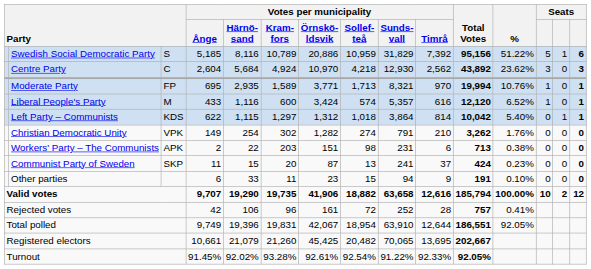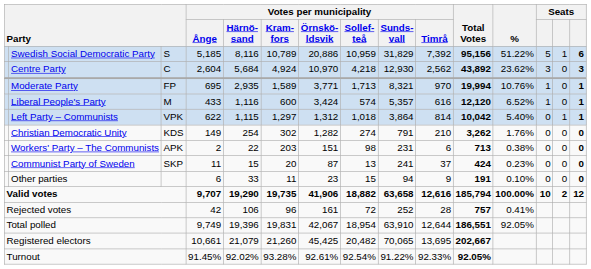 <table class="wikitable" border="1" style="text-align:right;">
 <tr>
 <th style="text-align:left;" valign=bottom rowspan=2 colspan=3>Party</th>
 <th colspan=7>Votes per municipality</th>
 <th align=center valign=bottom rowspan=2 width="50">Total Votes</th>
 <th align=center valign=bottom rowspan=2 width="50">%</th>
 <th colspan=3>Seats</th>
 </tr>
 <tr>
 <th align=center valign=bottom width="50"><a href='#'>Ånge</a></th>
 <th align=center valign=bottom width="50"><a href='#'>Härnö- sand</a></th>
 <th align=center valign=bottom width="50"><a href='#'>Kram- fors</a></th>
 <th align=center valign=bottom width="50"><a href='#'>Örnskö- ldsvik</a></th>
 <th align=center valign=bottom width="50"><a href='#'>Sollef- teå</a></th>
 <th align=center valign=bottom width="50"><a href='#'>Sunds- vall</a></th>
 <th align=center valign=bottom width="50"><a href='#'>Timrå</a></th>
 <th align=center valign=bottom width="20"><small></small></th>
 <th align=center valign=bottom width="20"><small><a href='#'></a></small></th>
 <th align=center valign=bottom width="20"><small></small></th>
 </tr>
 <tr style="background:#CEE0F2;">
 <td></td>
 <td align=left style="white-space: nowrap;"><a href='#'>Swedish Social Democratic Party</a></td>
 <td align=left>S</td>
 <td>5,185</td>
 <td>8,116</td>
 <td>10,789</td>
 <td>20,886</td>
 <td>10,959</td>
 <td>31,829</td>
 <td>7,392</td>
 <td><strong>95,156</strong></td>
 <td>51.22%</td>
 <td>5</td>
 <td>1</td>
 <td><strong>6</strong></td>
 </tr>
 <tr style="background:#CEE0F2;">
 <td></td>
 <td align=left><a href='#'>Centre Party</a></td>
 <td align=left>C</td>
 <td>2,604</td>
 <td>5,684</td>
 <td>4,924</td>
 <td>10,970</td>
 <td>4,218</td>
 <td>12,930</td>
 <td>2,562</td>
 <td><strong>43,892</strong></td>
 <td>23.62%</td>
 <td>3</td>
 <td>0</td>
 <td><strong>3</strong></td>
 </tr>
 <tr style="background:#CEE0F2; border-top:3px solid darkgray;">
 <td></td>
 <td align=left><a href='#'>Moderate Party</a></td>
 <td align=left>FP</td>
 <td>695</td>
 <td>2,935</td>
 <td>1,589</td>
 <td>3,771</td>
 <td>1,713</td>
 <td>8,321</td>
 <td>970</td>
 <td><strong>19,994</strong></td>
 <td>10.76%</td>
 <td>1</td>
 <td>0</td>
 <td><strong>1</strong></td>
 </tr>
 <tr style="background:#CEE0F2;">
 <td></td>
 <td align=left><a href='#'>Liberal People's Party</a></td>
 <td align=left>M</td>
 <td>433</td>
 <td>1,116</td>
 <td>600</td>
 <td>3,424</td>
 <td>574</td>
 <td>5,357</td>
 <td>616</td>
 <td><strong>12,120</strong></td>
 <td>6.52%</td>
 <td>1</td>
 <td>0</td>
 <td><strong>1</strong></td>
 </tr>
 <tr style="background:#CEE0F2;">
 <td></td>
 <td align=left><a href='#'>Left Party – Communists</a></td>
-<td align=left>KDS</td>
+<td align=left>VPK</td>
 <td>622</td>
 <td>1,115</td>
 <td>1,297</td>
 <td>1,312</td>
 <td>1,018</td>
 <td>3,864</td>
 <td>814</td>
 <td><strong>10,042</strong></td>
 <td>5.40%</td>
 <td>0</td>
 <td>1</td>
 <td><strong>1</strong></td>
 </tr>
 <tr>
 <td></td>
 <td align=left><a href='#'>Christian Democratic Unity</a></td>
-<td align=left>VPK</td>
+<td align=left>KDS</td>
 <td>149</td>
 <td>254</td>
 <td>302</td>
 <td>1,282</td>
 <td>274</td>
 <td>791</td>
 <td>210</td>
 <td><strong>3,262</strong></td>
 <td>1.76%</td>
 <td>0</td>
 <td>0</td>
 <td><strong>0</strong></td>
 </tr>
 <tr>
 <td></td>
 <td align=left><a href='#'>Workers' Party – The Communists</a></td>
 <td align=left>APK</td>
 <td>2</td>
 <td>22</td>
 <td>203</td>
 <td>151</td>
 <td>98</td>
 <td>231</td>
 <td>6</td>
 <td><strong>713</strong></td>
 <td>0.38%</td>
 <td>0</td>
 <td>0</td>
 <td><strong>0</strong></td>
 </tr>
 <tr>
 <td></td>
 <td align=left><a href='#'>Communist Party of Sweden</a></td>
 <td align=left>SKP</td>
 <td>11</td>
 <td>15</td>
 <td>20</td>
 <td>87</td>
 <td>13</td>
 <td>241</td>
 <td>37</td>
 <td><strong>424</strong></td>
 <td>0.23%</td>
 <td>0</td>
 <td>0</td>
 <td><strong>0</strong></td>
 </tr>
 <tr>
 <td></td>
 <td align=left>Other parties</td>
 <td></td>
 <td>6</td>
 <td>33</td>
 <td>11</td>
 <td>23</td>
 <td>15</td>
 <td>94</td>
 <td>9</td>
 <td><strong>191</strong></td>
 <td>0.10%</td>
 <td>0</td>
 <td>0</td>
 <td><strong>0</strong></td>
 </tr>
 <tr style="font-weight:bold">
 <td align=left colspan=3>Valid votes</td>
 <td>9,707</td>
 <td>19,290</td>
 <td>19,735</td>
 <td>41,906</td>
 <td>18,882</td>
 <td>63,658</td>
 <td>12,616</td>
 <td>185,794</td>
 <td>100.00%</td>
 <td>10</td>
 <td>2</td>
 <td>12</td>
 </tr>
 <tr>
 <td align=left colspan=3>Rejected votes</td>
 <td>42</td>
 <td>106</td>
 <td>96</td>
 <td>161</td>
 <td>72</td>
 <td>252</td>
 <td>28</td>
 <td><strong>757</strong></td>
 <td>0.41%</td>
 <td></td>
 <td></td>
 <td></td>
 </tr>
 <tr>
 <td align=left colspan=3>Total polled</td>
 <td>9,749</td>
 <td>19,396</td>
 <td>19,831</td>
 <td>42,067</td>
 <td>18,954</td>
 <td>63,910</td>
 <td>12,644</td>
 <td><strong>186,551</strong></td>
 <td>92.05%</td>
 <td></td>
 <td></td>
 <td></td>
 </tr>
 <tr>
 <td align=left colspan=3>Registered electors</td>
 <td>10,661</td>
 <td>21,079</td>
 <td>21,260</td>
 <td>45,425</td>
 <td>20,482</td>
 <td>70,065</td>
 <td>13,695</td>
 <td><strong>202,667</strong></td>
 <td></td>
 <td></td>
 <td></td>
 <td></td>
 </tr>
 <tr>
 <td align=left colspan=3>Turnout</td>
 <td>91.45%</td>
 <td>92.02%</td>
 <td>93.28%</td>
 <td>92.61%</td>
 <td>92.54%</td>
 <td>91.22%</td>
 <td>92.33%</td>
 <td><strong>92.05%</strong></td>
 <td></td>
 <td></td>
 <td></td>
 <td></td>
 </tr>
 </table>
